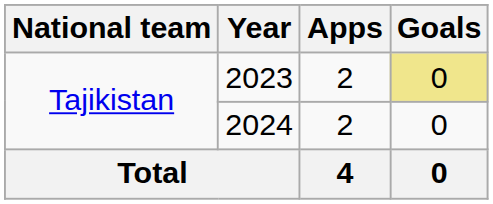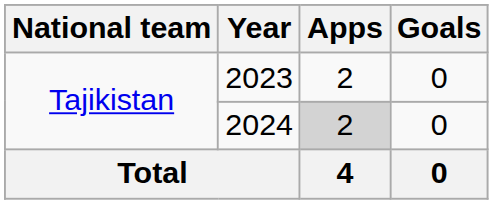 <table class="wikitable" style="text-align:center">
 <tr>
 <th>National team</th>
 <th>Year</th>
 <th>Apps</th>
 <th>Goals</th>
 </tr>
 <tr>
 <td rowspan="2"><a href='#'>Tajikistan</a></td>
 <td>2023</td>
 <td>2</td>
-<td style="background: khaki;">0</td>
+<td>0</td>
 </tr>
 <tr>
 <td>2024</td>
-<td>2</td>
+<td style="background: lightgrey;">2</td>
 <td>0</td>
 </tr>
 <tr>
 <th colspan="2">Total</th>
 <th>4</th>
 <th>0</th>
 </tr>
 </table>
